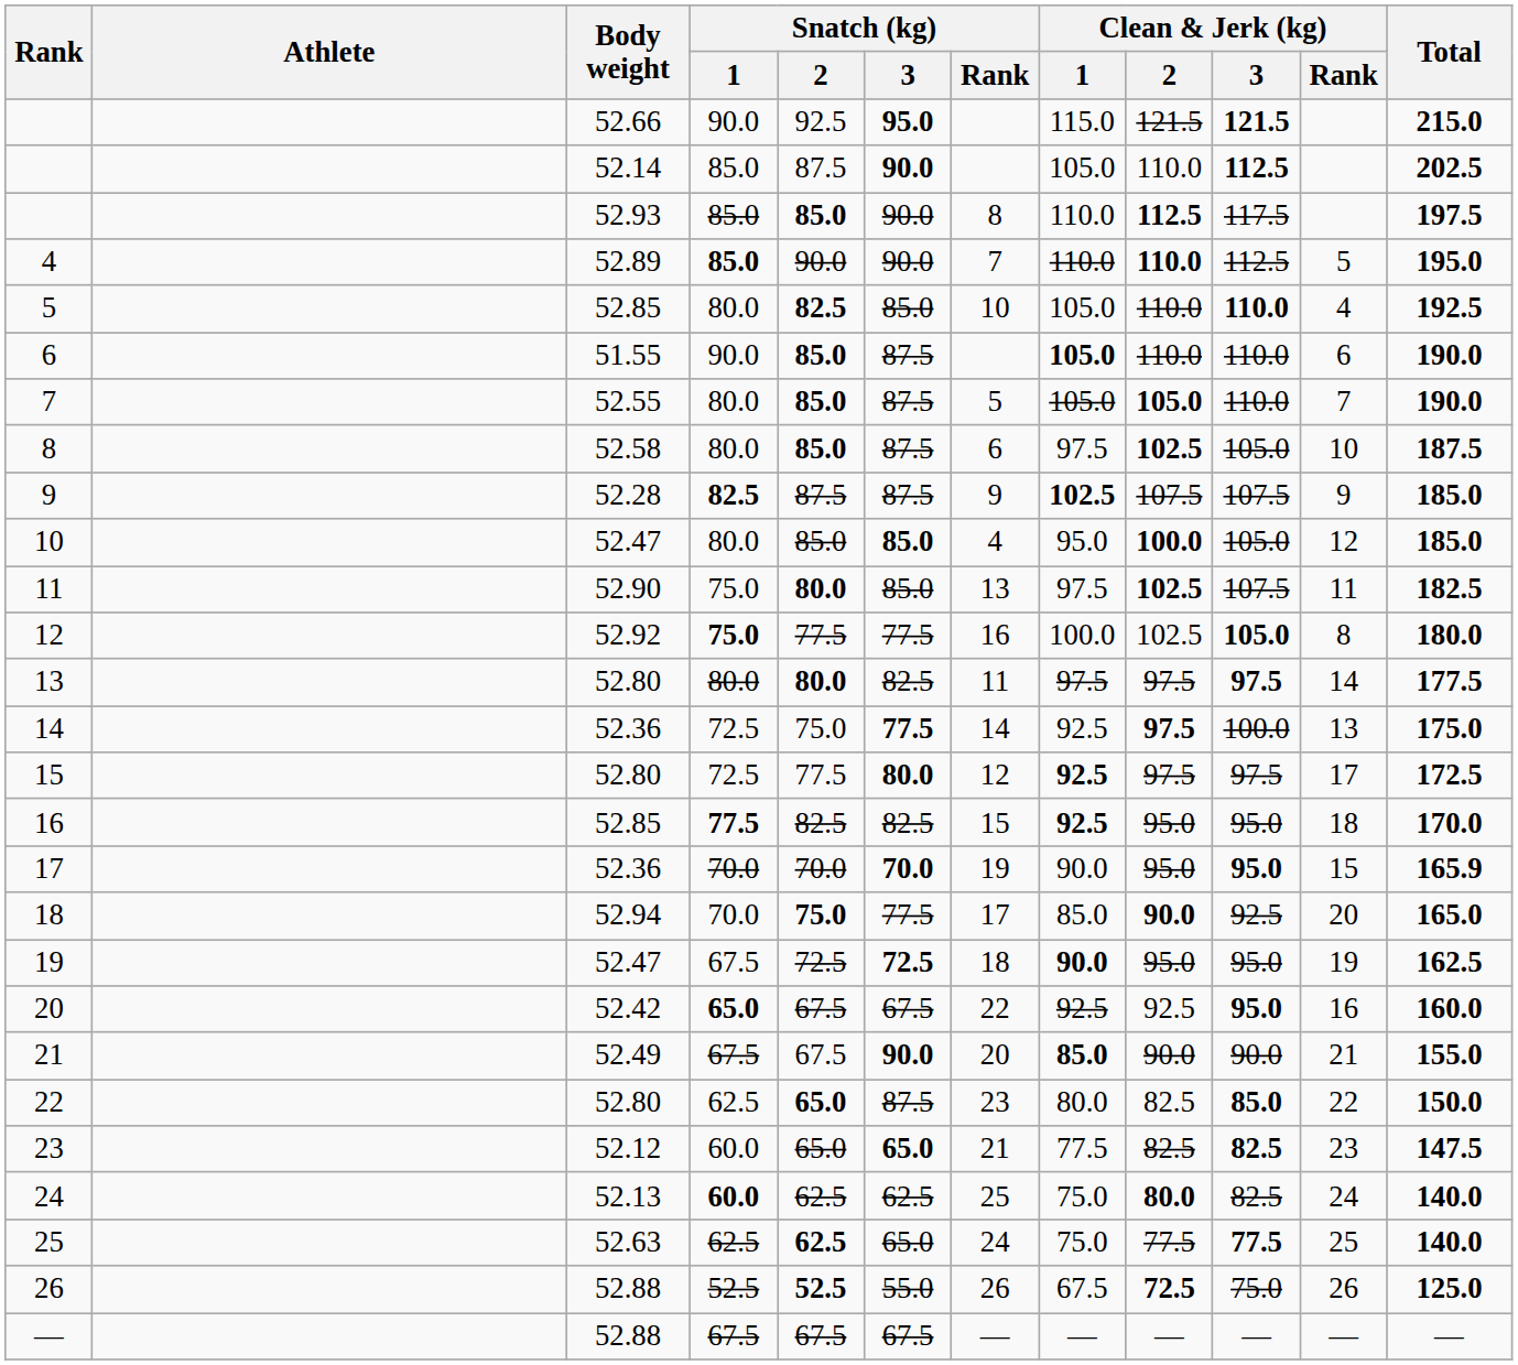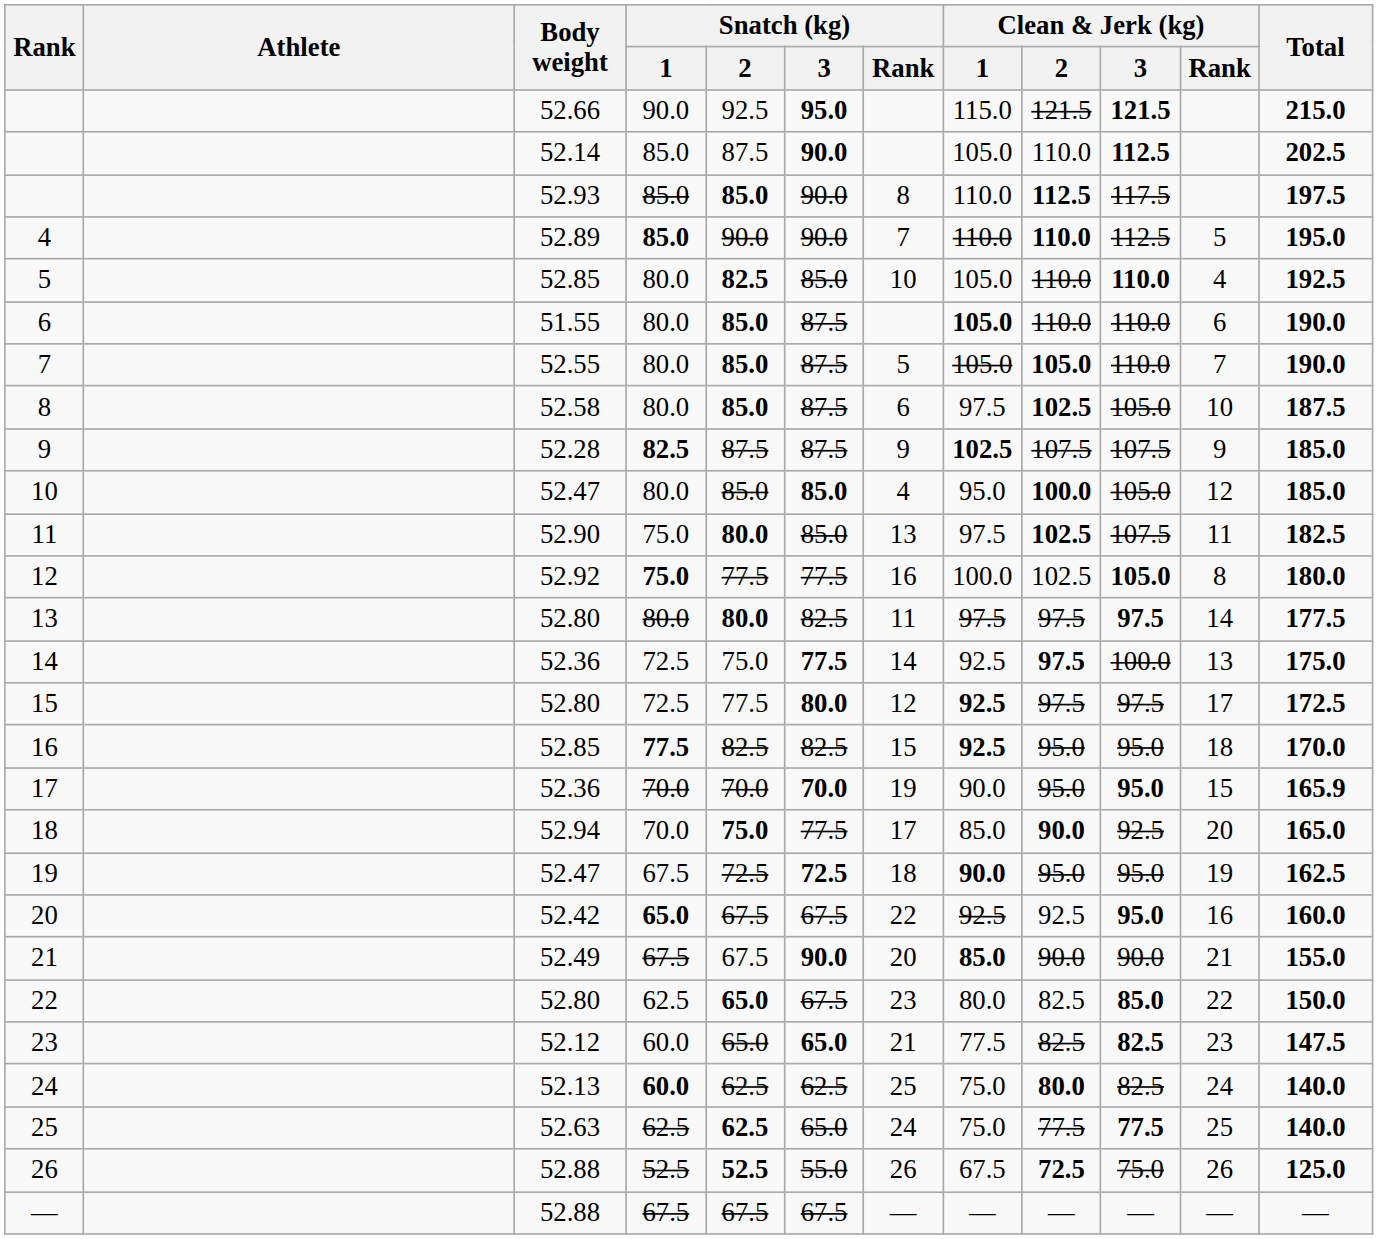 <table class = "wikitable" style="text-align:center;">
 <tr>
 <th rowspan=2 width=40>Rank</th>
 <th rowspan=2 width=250>Athlete</th>
 <th rowspan=2 width=60>Body weight</th>
 <th colspan=4>Snatch (kg)</th>
 <th colspan=4>Clean & Jerk (kg)</th>
 <th rowspan=2 width=60>Total</th>
 </tr>
 <tr>
 <th width=40>1</th>
 <th width=40>2</th>
 <th width=40>3</th>
 <th width=40>Rank</th>
 <th width=40>1</th>
 <th width=40>2</th>
 <th width=40>3</th>
 <th width=40>Rank</th>
 </tr>
 <tr>
 <td></td>
 <td align=left></td>
 <td>52.66</td>
 <td>90.0</td>
 <td>92.5</td>
 <td><strong>95.0</strong></td>
 <td></td>
 <td>115.0</td>
 <td><s>121.5 </s></td>
 <td><strong>121.5</strong></td>
 <td></td>
 <td><strong>215.0</strong></td>
 </tr>
 <tr>
 <td></td>
 <td align=left></td>
 <td>52.14</td>
 <td>85.0</td>
 <td>87.5</td>
 <td><strong>90.0</strong></td>
 <td></td>
 <td>105.0</td>
 <td>110.0</td>
 <td><strong>112.5</strong></td>
 <td></td>
 <td><strong>202.5</strong></td>
 </tr>
 <tr>
 <td></td>
 <td align=left></td>
 <td>52.93</td>
 <td><s>85.0 </s></td>
 <td><strong>85.0</strong></td>
 <td><s>90.0 </s></td>
 <td>8</td>
 <td>110.0</td>
 <td><strong>112.5</strong></td>
 <td><s>117.5 </s></td>
 <td></td>
 <td><strong>197.5</strong></td>
 </tr>
 <tr>
 <td>4</td>
 <td align=left></td>
 <td>52.89</td>
 <td><strong>85.0</strong></td>
 <td><s>90.0</s></td>
 <td><s>90.0 </s></td>
 <td>7</td>
 <td><s>110.0 </s></td>
 <td><strong>110.0</strong></td>
 <td><s>112.5 </s></td>
 <td>5</td>
 <td><strong>195.0</strong></td>
 </tr>
 <tr>
 <td>5</td>
 <td align=left></td>
 <td>52.85</td>
 <td>80.0</td>
 <td><strong>82.5</strong></td>
 <td><s>85.0 </s></td>
 <td>10</td>
 <td>105.0</td>
 <td><s>110.0 </s></td>
 <td><strong>110.0</strong></td>
 <td>4</td>
 <td><strong>192.5</strong></td>
 </tr>
 <tr>
 <td>6</td>
 <td align=left></td>
 <td>51.55</td>
-<td>90.0</td>
+<td>80.0</td>
 <td><strong>85.0</strong></td>
 <td><s>87.5 </s></td>
 <td></td>
 <td><strong>105.0</strong></td>
 <td><s>110.0</s></td>
 <td><s>110.0 </s></td>
 <td>6</td>
 <td><strong>190.0</strong></td>
 </tr>
 <tr>
 <td>7</td>
 <td align=left></td>
 <td>52.55</td>
 <td>80.0</td>
 <td><strong>85.0</strong></td>
 <td><s>87.5 </s></td>
 <td>5</td>
 <td><s>105.0 </s></td>
 <td><strong>105.0</strong></td>
 <td><s>110.0 </s></td>
 <td>7</td>
 <td><strong>190.0</strong></td>
 </tr>
 <tr>
 <td>8</td>
 <td align=left></td>
 <td>52.58</td>
 <td>80.0</td>
 <td><strong>85.0</strong></td>
 <td><s>87.5 </s></td>
 <td>6</td>
 <td>97.5</td>
 <td><strong>102.5</strong></td>
 <td><s>105.0 </s></td>
 <td>10</td>
 <td><strong>187.5</strong></td>
 </tr>
 <tr>
 <td>9</td>
 <td align=left></td>
 <td>52.28</td>
 <td><strong>82.5</strong></td>
 <td><s>87.5</s></td>
 <td><s>87.5</s></td>
 <td>9</td>
 <td><strong>102.5</strong></td>
 <td><s>107.5</s></td>
 <td><s>107.5 </s></td>
 <td>9</td>
 <td><strong>185.0</strong></td>
 </tr>
 <tr>
 <td>10</td>
 <td align=left></td>
 <td>52.47</td>
 <td>80.0</td>
 <td><s>85.0 </s></td>
 <td><strong>85.0</strong></td>
 <td>4</td>
 <td>95.0</td>
 <td><strong>100.0</strong></td>
 <td><s>105.0 </s></td>
 <td>12</td>
 <td><strong>185.0</strong></td>
 </tr>
 <tr>
 <td>11</td>
 <td align=left></td>
 <td>52.90</td>
 <td>75.0</td>
 <td><strong>80.0</strong></td>
 <td><s>85.0 </s></td>
 <td>13</td>
 <td>97.5</td>
 <td><strong>102.5</strong></td>
 <td><s>107.5 </s></td>
 <td>11</td>
 <td><strong>182.5</strong></td>
 </tr>
 <tr>
 <td>12</td>
 <td align=left></td>
 <td>52.92</td>
 <td><strong>75.0</strong></td>
 <td><s>77.5 </s></td>
 <td><s>77.5 </s></td>
 <td>16</td>
 <td>100.0</td>
 <td>102.5</td>
 <td><strong>105.0</strong></td>
 <td>8</td>
 <td><strong>180.0</strong></td>
 </tr>
 <tr>
 <td>13</td>
 <td align=left></td>
 <td>52.80</td>
 <td><s>80.0 </s></td>
 <td><strong>80.0</strong></td>
 <td><s>82.5 </s></td>
 <td>11</td>
 <td><s>97.5 </s></td>
 <td><s>97.5 </s></td>
 <td><strong>97.5</strong></td>
 <td>14</td>
 <td><strong>177.5</strong></td>
 </tr>
 <tr>
 <td>14</td>
 <td align=left></td>
 <td>52.36</td>
 <td>72.5</td>
 <td>75.0</td>
 <td><strong>77.5</strong></td>
 <td>14</td>
 <td>92.5</td>
 <td><strong>97.5</strong></td>
 <td><s>100.0 </s></td>
 <td>13</td>
 <td><strong>175.0</strong></td>
 </tr>
 <tr>
 <td>15</td>
 <td align=left></td>
 <td>52.80</td>
 <td>72.5</td>
 <td>77.5</td>
 <td><strong>80.0</strong></td>
 <td>12</td>
 <td><strong>92.5</strong></td>
 <td><s>97.5 </s></td>
 <td><s>97.5 </s></td>
 <td>17</td>
 <td><strong>172.5</strong></td>
 </tr>
 <tr>
 <td>16</td>
 <td align=left></td>
 <td>52.85</td>
 <td><strong>77.5</strong></td>
 <td><s>82.5 </s></td>
 <td><s>82.5 </s></td>
 <td>15</td>
 <td><strong>92.5</strong></td>
 <td><s>95.0 </s></td>
 <td><s>95.0 </s></td>
 <td>18</td>
 <td><strong>170.0</strong></td>
 </tr>
 <tr>
 <td>17</td>
 <td align=left></td>
 <td>52.36</td>
 <td><s>70.0 </s></td>
 <td><s>70.0 </s></td>
 <td><strong>70.0</strong></td>
 <td>19</td>
 <td>90.0</td>
 <td><s>95.0 </s></td>
 <td><strong>95.0</strong></td>
 <td>15</td>
 <td><strong>165.9</strong></td>
 </tr>
 <tr>
 <td>18</td>
 <td align=left></td>
 <td>52.94</td>
 <td>70.0</td>
 <td><strong>75.0</strong></td>
 <td><s>77.5 </s></td>
 <td>17</td>
 <td>85.0</td>
 <td><strong>90.0</strong></td>
 <td><s>92.5 </s></td>
 <td>20</td>
 <td><strong>165.0</strong></td>
 </tr>
 <tr>
 <td>19</td>
 <td align=left></td>
 <td>52.47</td>
 <td>67.5</td>
 <td><s>72.5 </s></td>
 <td><strong>72.5</strong></td>
 <td>18</td>
 <td><strong>90.0</strong></td>
 <td><s>95.0 </s></td>
 <td><s>95.0 </s></td>
 <td>19</td>
 <td><strong>162.5</strong></td>
 </tr>
 <tr>
 <td>20</td>
 <td align=left></td>
 <td>52.42</td>
 <td><strong>65.0</strong></td>
 <td><s>67.5 </s></td>
 <td><s>67.5 </s></td>
 <td>22</td>
 <td><s>92.5 </s></td>
 <td>92.5</td>
 <td><strong>95.0</strong></td>
 <td>16</td>
 <td><strong>160.0</strong></td>
 </tr>
 <tr>
 <td>21</td>
 <td align=left></td>
 <td>52.49</td>
 <td><s>67.5 </s></td>
 <td>67.5</td>
 <td><strong>90.0</strong></td>
 <td>20</td>
 <td><strong>85.0</strong></td>
 <td><s>90.0 </s></td>
 <td><s>90.0 </s></td>
 <td>21</td>
 <td><strong>155.0</strong></td>
 </tr>
 <tr>
 <td>22</td>
 <td align=left></td>
 <td>52.80</td>
 <td>62.5</td>
 <td><strong>65.0</strong></td>
-<td><s>87.5 </s></td>
+<td><s>67.5 </s></td>
 <td>23</td>
 <td>80.0</td>
 <td>82.5</td>
 <td><strong>85.0</strong></td>
 <td>22</td>
 <td><strong>150.0</strong></td>
 </tr>
 <tr>
 <td>23</td>
 <td align=left></td>
 <td>52.12</td>
 <td>60.0</td>
 <td><s>65.0 </s></td>
 <td><strong>65.0</strong></td>
 <td>21</td>
 <td>77.5</td>
 <td><s>82.5 </s></td>
 <td><strong>82.5</strong></td>
 <td>23</td>
 <td><strong>147.5</strong></td>
 </tr>
 <tr>
 <td>24</td>
 <td align=left></td>
 <td>52.13</td>
 <td><strong>60.0</strong></td>
 <td><s>62.5 </s></td>
 <td><s>62.5 </s></td>
 <td>25</td>
 <td>75.0</td>
 <td><strong>80.0</strong></td>
 <td><s>82.5 </s></td>
 <td>24</td>
 <td><strong>140.0</strong></td>
 </tr>
 <tr>
 <td>25</td>
 <td align=left></td>
 <td>52.63</td>
 <td><s>62.5 </s></td>
 <td><strong>62.5</strong></td>
 <td><s>65.0 </s></td>
 <td>24</td>
 <td>75.0</td>
 <td><s>77.5 </s></td>
 <td><strong>77.5</strong></td>
 <td>25</td>
 <td><strong>140.0</strong></td>
 </tr>
 <tr>
 <td>26</td>
 <td align=left></td>
 <td>52.88</td>
 <td><s>52.5 </s></td>
 <td><strong>52.5</strong></td>
 <td><s>55.0 </s></td>
 <td>26</td>
 <td>67.5</td>
 <td><strong>72.5</strong></td>
 <td><s>75.0 </s></td>
 <td>26</td>
 <td><strong>125.0</strong></td>
 </tr>
 <tr>
 <td>—</td>
 <td align=left></td>
 <td>52.88</td>
 <td><s>67.5 </s></td>
 <td><s>67.5 </s></td>
 <td><s>67.5 </s></td>
 <td>—</td>
 <td>—</td>
 <td>—</td>
 <td>—</td>
 <td>—</td>
 <td>—</td>
 </tr>
 </table>
